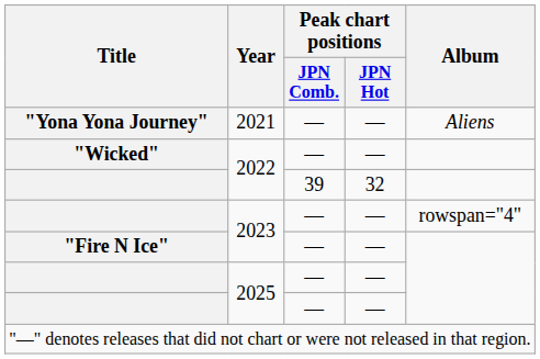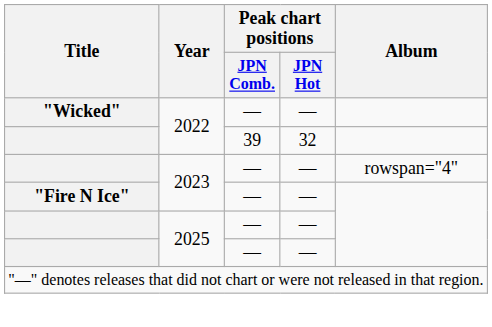 <table class="wikitable plainrowheaders" style="text-align:center;">
 <tr>
 <th scope="col" rowspan="2">Title</th>
 <th scope="col" rowspan="2">Year</th>
 <th scope="col" colspan="2">Peak chart positions</th>
 <th scope="col" rowspan="2">Album</th>
 </tr>
 <tr>
 <th scope="col" style="width:3em;font-size:90%;"><a href='#'>JPN<br>Comb.</a><br></th>
 <th scope="col" style="width:3em;font-size:90%;"><a href='#'>JPN<br>Hot</a><br></th>
-</tr>
-<tr>
-<th scope="row">"Yona Yona Journey"<br></th>
-<td>2021</td>
-<td>—</td>
-<td>—</td>
-<td><em>Aliens</em></td>
 </tr>
 <tr>
 <th scope="row">"Wicked"<br></th>
 <td rowspan="2">2022</td>
 <td>—</td>
 <td>—</td>
 <td></td>
 </tr>
 <tr>
 <th scope="row"><br></th>
 <td>39</td>
 <td>32</td>
 <td></td>
 </tr>
 <tr>
 <th scope="row"><br></th>
 <td rowspan="2">2023</td>
 <td>—</td>
 <td>—</td>
 <td>rowspan="4" </td>
 </tr>
 <tr>
 <th scope="row">"Fire N Ice"<br></th>
 <td>—</td>
 <td>—</td>
 </tr>
 <tr>
 <th scope="row"><br></th>
 <td rowspan="2">2025</td>
 <td>—</td>
 <td>—</td>
 </tr>
 <tr>
 <th scope="row"><br></th>
 <td>—</td>
 <td>—</td>
 </tr>
 <tr>
 <td colspan="5" style="font-size:90%;">"—" denotes releases that did not chart or were not released in that region.</td>
 </tr>
 </table>
